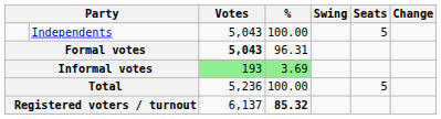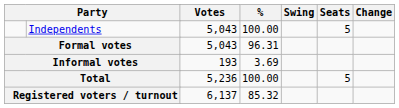 <table class="wikitable" style="text-align:right; margin-bottom:0">
 <tr>
 <th style="width:10px" colspan=3>Party</th>
 <th style="width:70px;">Votes</th>
 <th style="width:40px;">%</th>
 <th style="width:40px;">Swing</th>
 <th style="width:40px;">Seats</th>
 <th style="width:40px;">Change</th>
 </tr>
 <tr>
 <td> </td>
 <td style="text-align:left;" colspan="2"><a href='#'>Independents</a></td>
 <td>5,043</td>
 <td>100.00</td>
 <td></td>
 <td>5</td>
 <td></td>
 </tr>
 <tr>
 <th colspan="3" rowspan="1"> Formal votes</th>
-<td><strong>5,043</strong></td>
+<td>5,043</td>
 <td>96.31</td>
 <td></td>
 <td></td>
 </tr>
 <tr>
 <th colspan="3" rowspan="1"> Informal votes</th>
-<td style="background: lightgreen;">193</td>
-<td style="background: lightgreen;">3.69</td>
+<td>193</td>
+<td>3.69</td>
 <td></td>
 <td></td>
 <td></td>
 </tr>
 <tr>
 <th colspan="3" rowspan="1"> Total</th>
 <td>5,236</td>
 <td>100.00</td>
 <td></td>
 <td>5</td>
 <td></td>
 </tr>
 <tr>
 <th colspan="3" rowspan="1"> Registered voters / turnout</th>
 <td>6,137</td>
-<td><strong>85.32</strong></td>
+<td>85.32</td>
 <td></td>
 <td></td>
 <td></td>
 </tr>
 </table>
